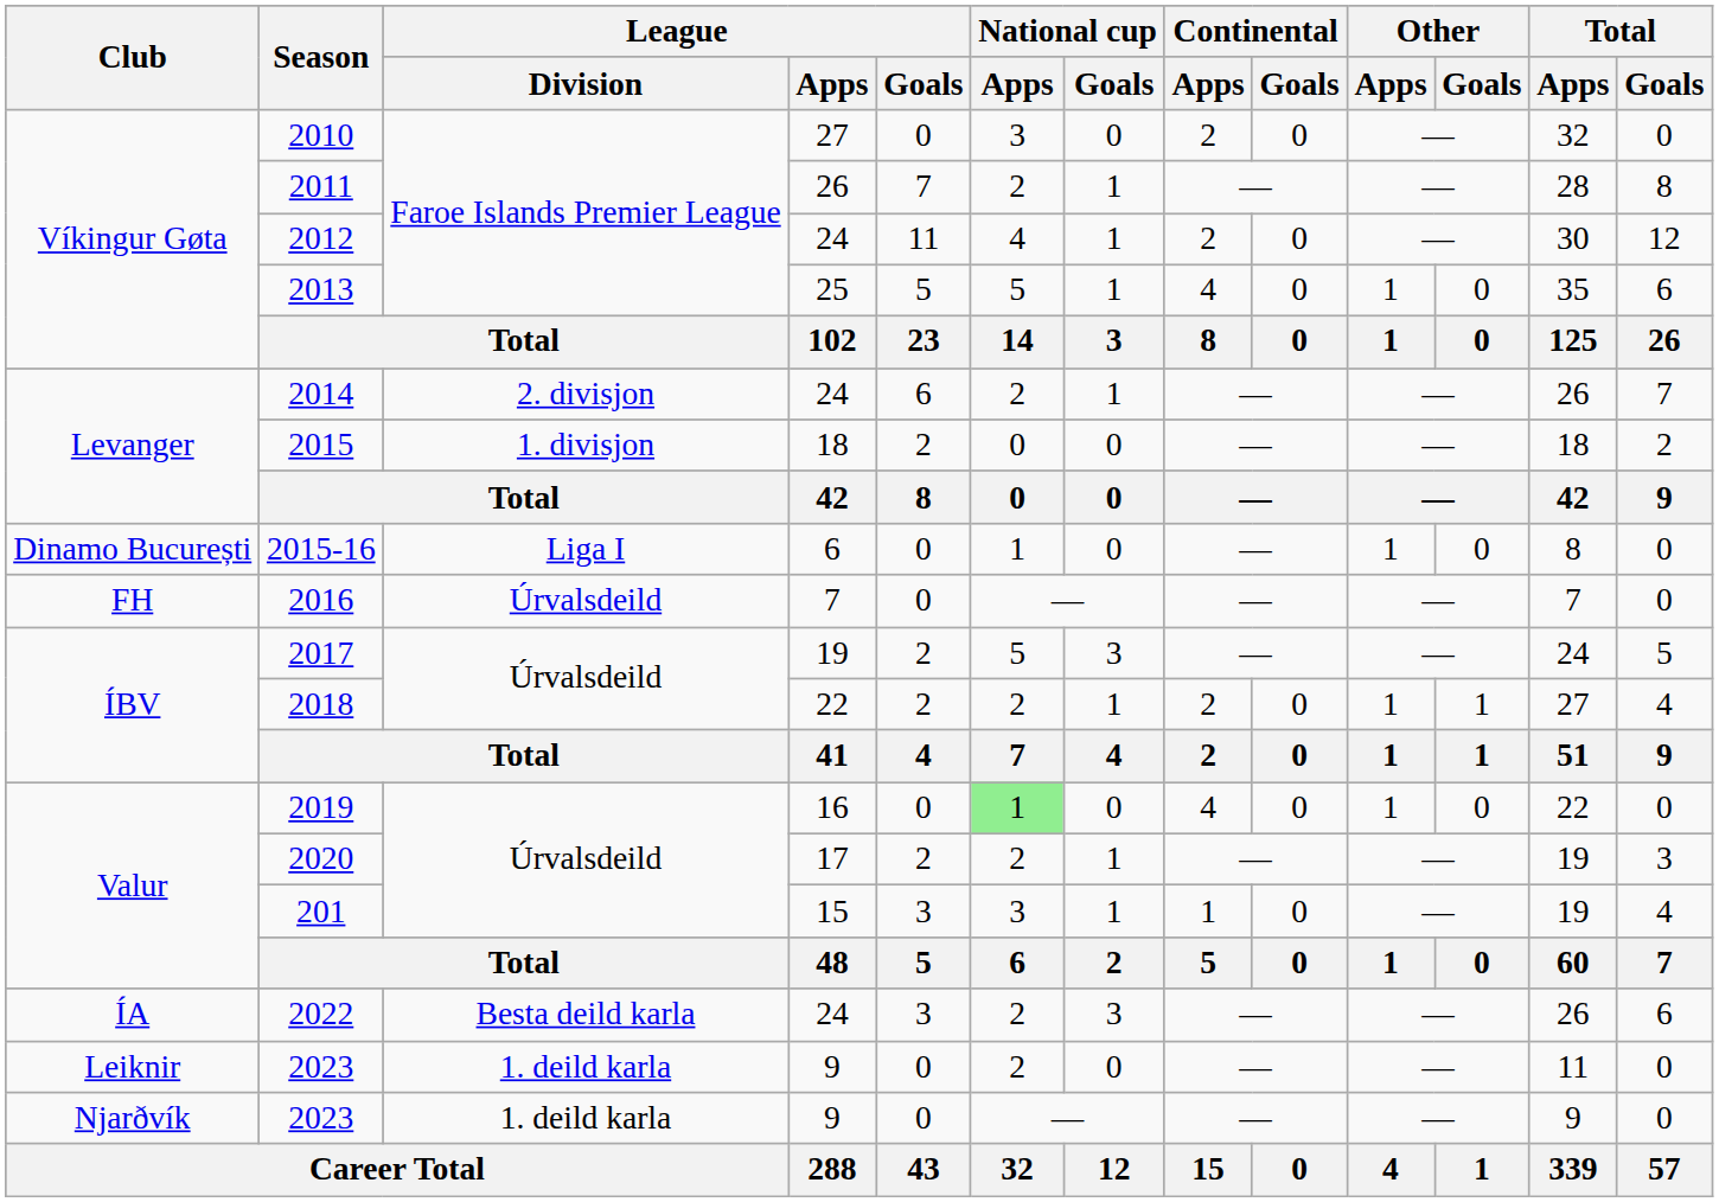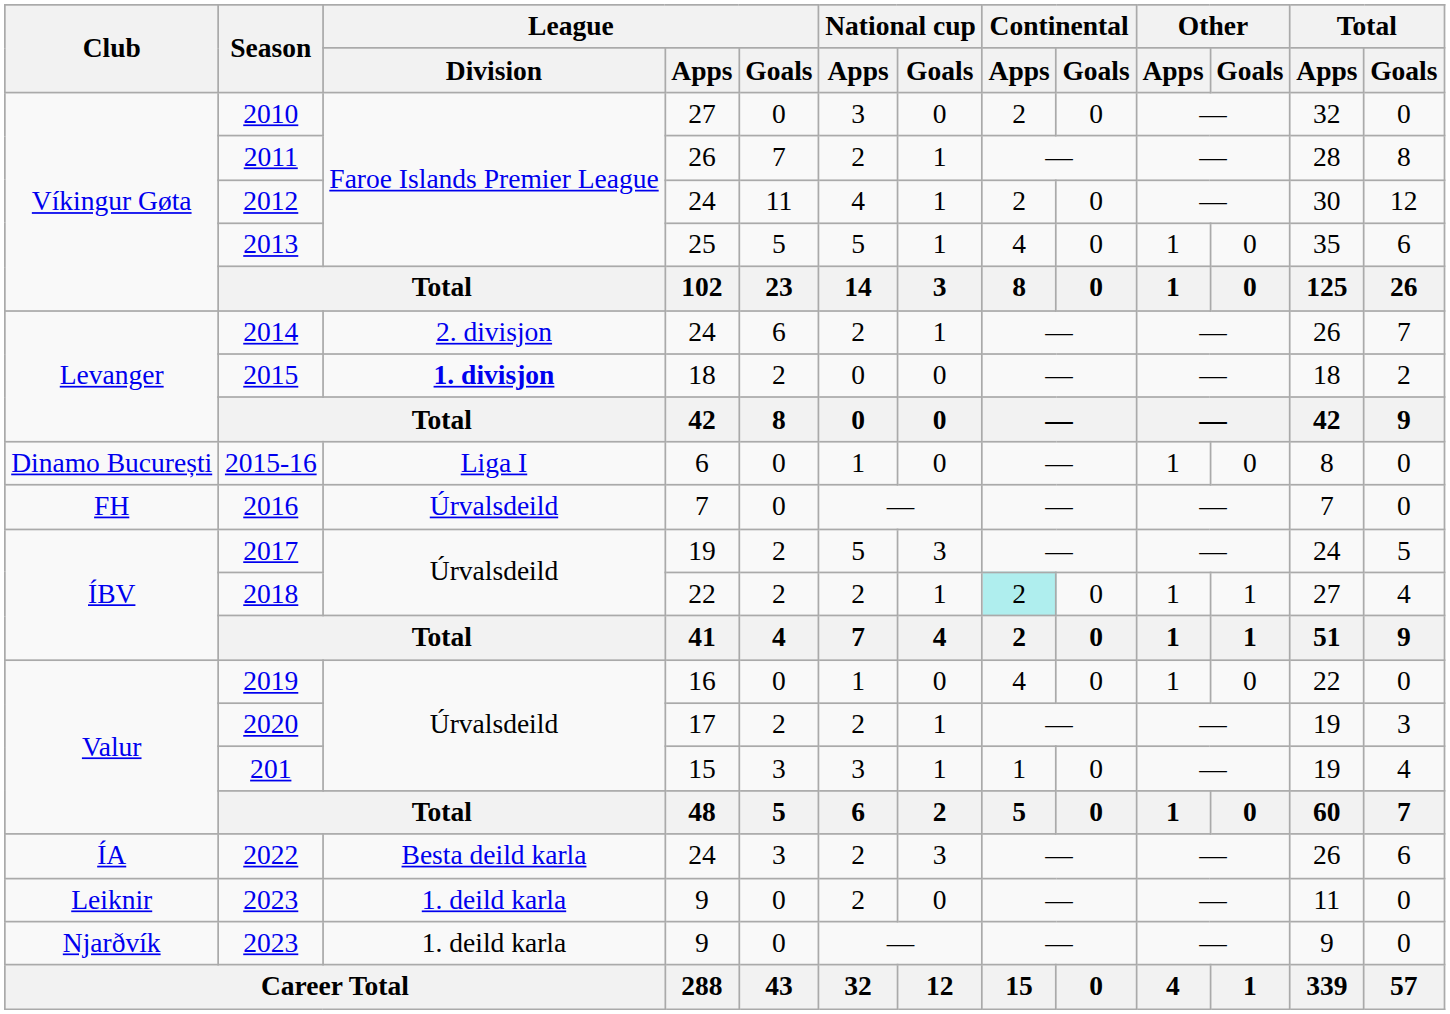 <table class="wikitable" style="text-align:center">
 <tr>
 <th rowspan=2>Club</th>
 <th rowspan=2>Season</th>
 <th colspan=3>League</th>
 <th colspan=2>National cup</th>
 <th colspan=2>Continental</th>
 <th colspan=2>Other</th>
 <th colspan=2>Total</th>
 </tr>
 <tr>
 <th>Division</th>
 <th>Apps</th>
 <th>Goals</th>
 <th>Apps</th>
 <th>Goals</th>
 <th>Apps</th>
 <th>Goals</th>
 <th>Apps</th>
 <th>Goals</th>
 <th>Apps</th>
 <th>Goals</th>
 </tr>
 <tr>
 <td rowspan="5"><a href='#'>Víkingur Gøta</a></td>
 <td><a href='#'>2010</a></td>
 <td rowspan="4"><a href='#'>Faroe Islands Premier League</a></td>
 <td>27</td>
 <td>0</td>
 <td>3</td>
 <td>0</td>
 <td>2</td>
 <td>0</td>
 <td colspan="2">—</td>
 <td>32</td>
 <td>0</td>
 </tr>
 <tr>
 <td><a href='#'>2011</a></td>
 <td>26</td>
 <td>7</td>
 <td>2</td>
 <td>1</td>
 <td colspan="2">—</td>
 <td colspan="2">—</td>
 <td>28</td>
 <td>8</td>
 </tr>
 <tr>
 <td><a href='#'>2012</a></td>
 <td>24</td>
 <td>11</td>
 <td>4</td>
 <td>1</td>
 <td>2</td>
 <td>0</td>
 <td colspan="2">—</td>
 <td>30</td>
 <td>12</td>
 </tr>
 <tr>
 <td><a href='#'>2013</a></td>
 <td>25</td>
 <td>5</td>
 <td>5</td>
 <td>1</td>
 <td>4</td>
 <td>0</td>
 <td>1</td>
 <td>0</td>
 <td>35</td>
 <td>6</td>
 </tr>
 <tr>
 <th colspan="2">Total</th>
 <th>102</th>
 <th>23</th>
 <th>14</th>
 <th>3</th>
 <th>8</th>
 <th>0</th>
 <th>1</th>
 <th>0</th>
 <th>125</th>
 <th>26</th>
 </tr>
 <tr>
 <td rowspan="3"><a href='#'>Levanger</a></td>
 <td><a href='#'>2014</a></td>
 <td><a href='#'>2. divisjon</a></td>
 <td>24</td>
 <td>6</td>
 <td>2</td>
 <td>1</td>
 <td colspan="2">—</td>
 <td colspan="2">—</td>
 <td>26</td>
 <td>7</td>
 </tr>
 <tr>
 <td><a href='#'>2015</a></td>
-<td><a href='#'>1. divisjon</a></td>
+<td><strong><a href='#'>1. divisjon</a></strong></td>
 <td>18</td>
 <td>2</td>
 <td>0</td>
 <td>0</td>
 <td colspan="2">—</td>
 <td colspan="2">—</td>
 <td>18</td>
 <td>2</td>
 </tr>
 <tr>
 <th colspan="2">Total</th>
 <th>42</th>
 <th>8</th>
 <th>0</th>
 <th>0</th>
 <th colspan="2">—</th>
 <th colspan="2">—</th>
 <th>42</th>
 <th>9</th>
 </tr>
 <tr>
 <td><a href='#'>Dinamo București</a></td>
 <td><a href='#'>2015-16</a></td>
 <td><a href='#'>Liga I</a></td>
 <td>6</td>
 <td>0</td>
 <td>1</td>
 <td>0</td>
 <td colspan="2">—</td>
 <td>1</td>
 <td>0</td>
 <td>8</td>
 <td>0</td>
 </tr>
 <tr>
 <td><a href='#'>FH</a></td>
 <td><a href='#'>2016</a></td>
 <td><a href='#'>Úrvalsdeild</a></td>
 <td>7</td>
 <td>0</td>
 <td colspan="2">—</td>
 <td colspan="2">—</td>
 <td colspan="2">—</td>
 <td>7</td>
 <td>0</td>
 </tr>
 <tr>
 <td rowspan="3"><a href='#'>ÍBV</a></td>
 <td><a href='#'>2017</a></td>
 <td rowspan="2">Úrvalsdeild</td>
 <td>19</td>
 <td>2</td>
 <td>5</td>
 <td>3</td>
 <td colspan="2">—</td>
 <td colspan="2">—</td>
 <td>24</td>
 <td>5</td>
 </tr>
 <tr>
 <td><a href='#'>2018</a></td>
 <td>22</td>
 <td>2</td>
 <td>2</td>
 <td>1</td>
-<td>2</td>
+<td style="background: paleturquoise;">2</td>
 <td>0</td>
 <td>1</td>
 <td>1</td>
 <td>27</td>
 <td>4</td>
 </tr>
 <tr>
 <th colspan="2">Total</th>
 <th>41</th>
 <th>4</th>
 <th>7</th>
 <th>4</th>
 <th>2</th>
 <th>0</th>
 <th>1</th>
 <th>1</th>
 <th>51</th>
 <th>9</th>
 </tr>
 <tr>
 <td rowspan="4"><a href='#'>Valur</a></td>
 <td><a href='#'>2019</a></td>
 <td rowspan="3">Úrvalsdeild</td>
 <td>16</td>
 <td>0</td>
-<td style="background: lightgreen;">1</td>
+<td>1</td>
 <td>0</td>
 <td>4</td>
 <td>0</td>
 <td>1</td>
 <td>0</td>
 <td>22</td>
 <td>0</td>
 </tr>
 <tr>
 <td><a href='#'>2020</a></td>
 <td>17</td>
 <td>2</td>
 <td>2</td>
 <td>1</td>
 <td colspan="2">—</td>
 <td colspan="2">—</td>
 <td>19</td>
 <td>3</td>
 </tr>
 <tr>
 <td><a href='#'>201</a></td>
 <td>15</td>
 <td>3</td>
 <td>3</td>
 <td>1</td>
 <td>1</td>
 <td>0</td>
 <td colspan="2">—</td>
 <td>19</td>
 <td>4</td>
 </tr>
 <tr>
 <th colspan="2">Total</th>
 <th>48</th>
 <th>5</th>
 <th>6</th>
 <th>2</th>
 <th>5</th>
 <th>0</th>
 <th>1</th>
 <th>0</th>
 <th>60</th>
 <th>7</th>
 </tr>
 <tr>
 <td><a href='#'>ÍA</a></td>
 <td><a href='#'>2022</a></td>
 <td><a href='#'>Besta deild karla</a></td>
 <td>24</td>
 <td>3</td>
 <td>2</td>
 <td>3</td>
 <td colspan="2">—</td>
 <td colspan="2">—</td>
 <td>26</td>
 <td>6</td>
 </tr>
 <tr>
 <td><a href='#'>Leiknir</a></td>
 <td><a href='#'>2023</a></td>
 <td><a href='#'>1. deild karla</a></td>
 <td>9</td>
 <td>0</td>
 <td>2</td>
 <td>0</td>
 <td colspan="2">—</td>
 <td colspan="2">—</td>
 <td>11</td>
 <td>0</td>
 </tr>
 <tr>
 <td><a href='#'>Njarðvík</a></td>
 <td><a href='#'>2023</a></td>
 <td>1. deild karla</td>
 <td>9</td>
 <td>0</td>
 <td colspan="2">—</td>
 <td colspan="2">—</td>
 <td colspan="2">—</td>
 <td>9</td>
 <td>0</td>
 </tr>
 <tr>
 <th colspan="3">Career Total</th>
 <th>288</th>
 <th>43</th>
 <th>32</th>
 <th>12</th>
 <th>15</th>
 <th>0</th>
 <th>4</th>
 <th>1</th>
 <th>339</th>
 <th>57</th>
 </tr>
 </table>
